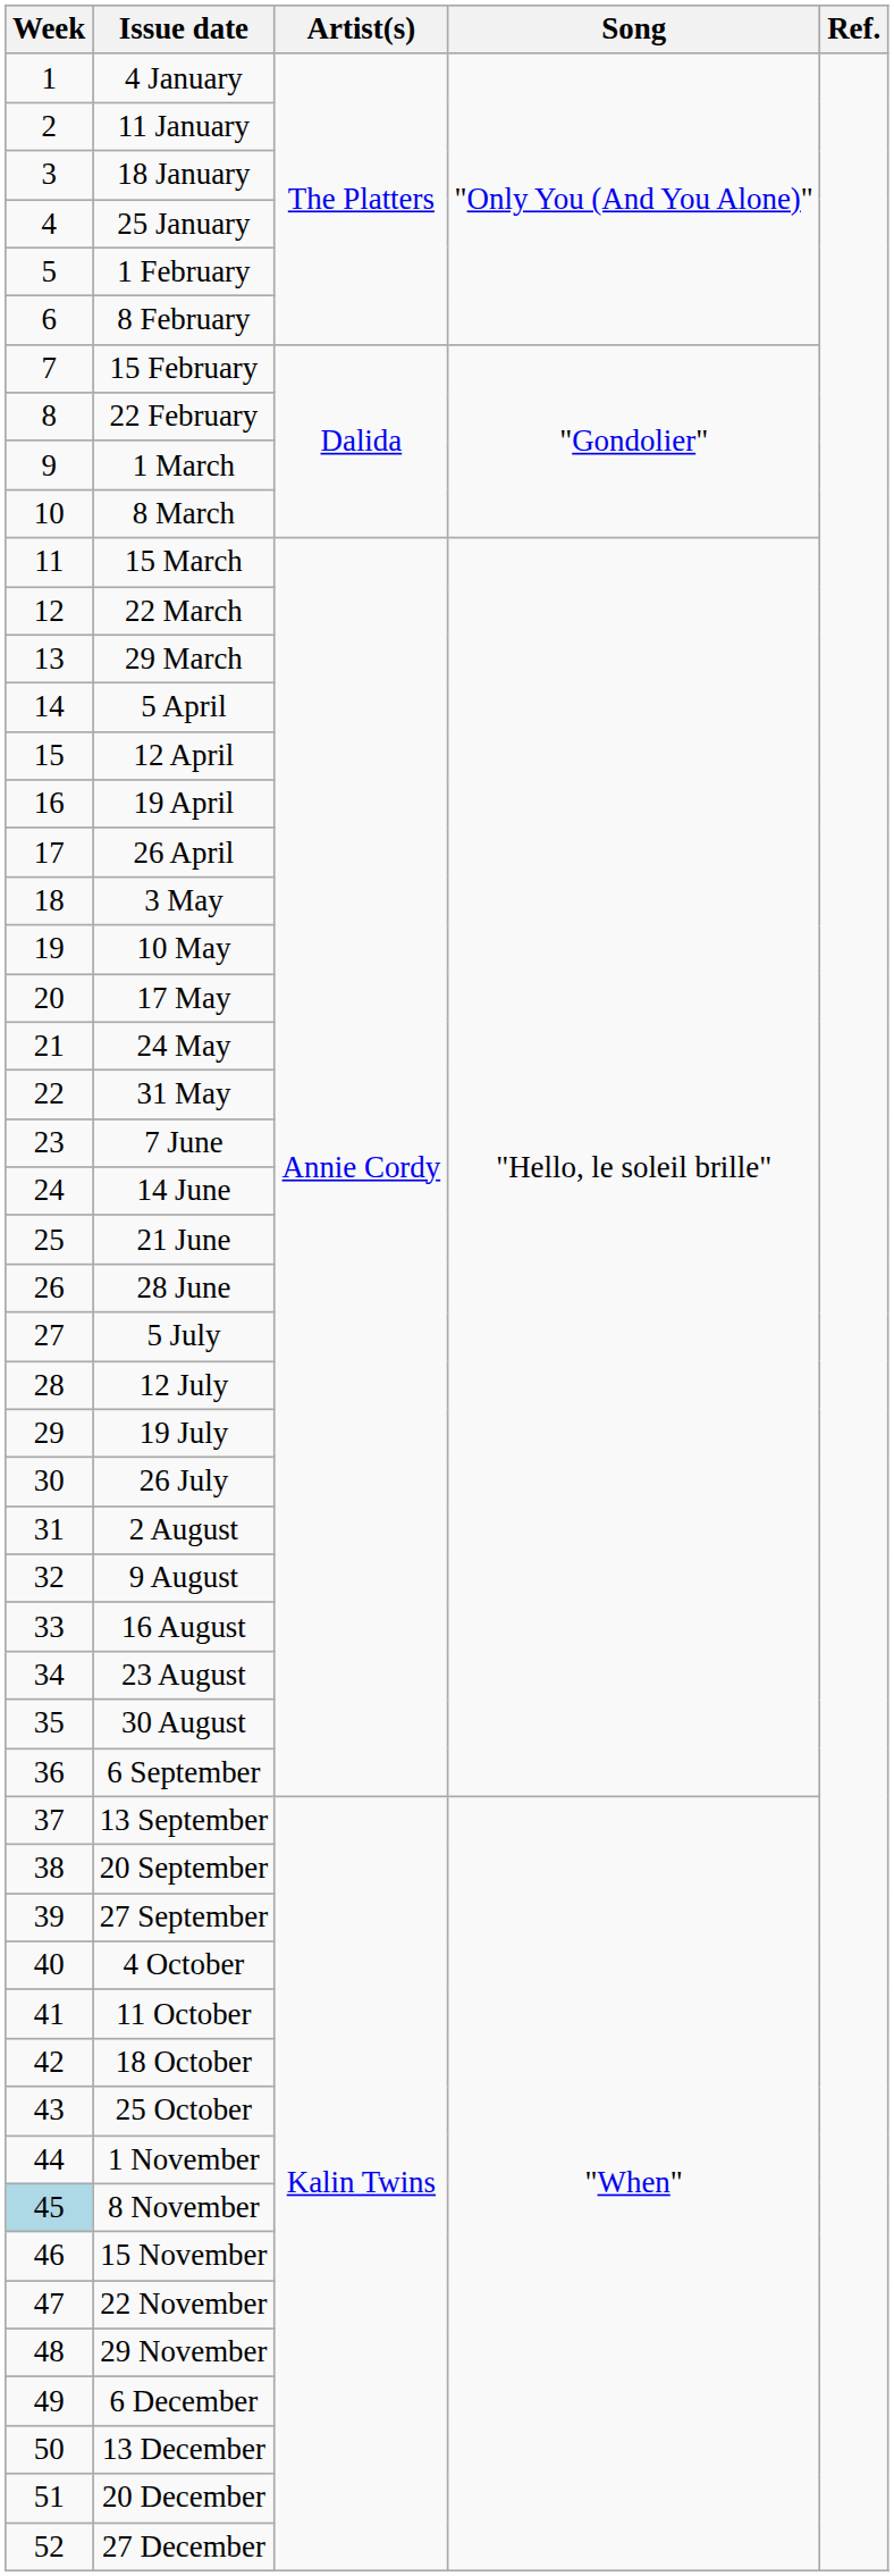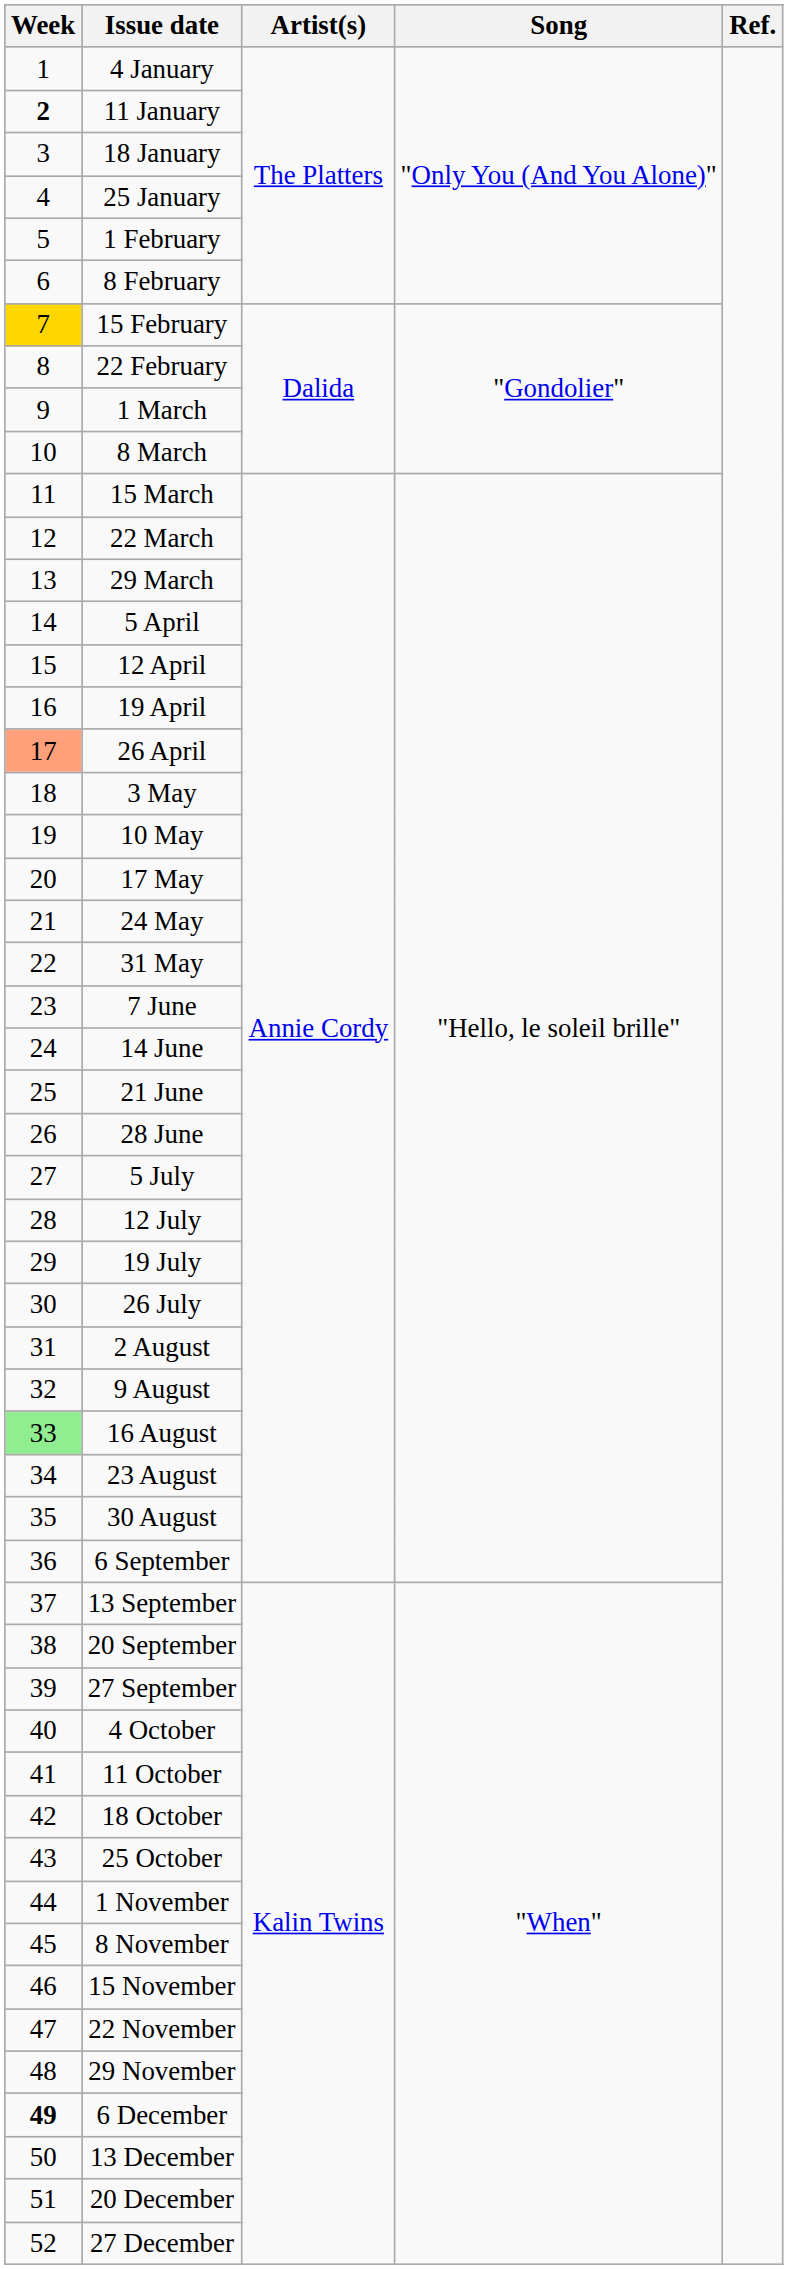 <table class="wikitable" style="text-align:center;">
 <tr>
 <th>Week</th>
 <th>Issue date</th>
 <th>Artist(s)</th>
 <th>Song</th>
 <th>Ref.</th>
 </tr>
 <tr>
 <td>1</td>
 <td>4 January</td>
 <td rowspan="6"><a href='#'>The Platters</a></td>
 <td rowspan="6">"<a href='#'>Only You (And You Alone)</a>"</td>
 <td rowspan="52"></td>
 </tr>
 <tr>
-<td>2</td>
+<td><strong>2</strong></td>
 <td>11 January</td>
 </tr>
 <tr>
 <td>3</td>
 <td>18 January</td>
 </tr>
 <tr>
 <td>4</td>
 <td>25 January</td>
 </tr>
 <tr>
 <td>5</td>
 <td>1 February</td>
 </tr>
 <tr>
 <td>6</td>
 <td>8 February</td>
 </tr>
 <tr>
-<td>7</td>
+<td style="background: gold;">7</td>
 <td>15 February</td>
 <td rowspan="4"><a href='#'>Dalida</a></td>
 <td rowspan="4">"<a href='#'>Gondolier</a>"</td>
 </tr>
 <tr>
 <td>8</td>
 <td>22 February</td>
 </tr>
 <tr>
 <td>9</td>
 <td>1 March</td>
 </tr>
 <tr>
 <td>10</td>
 <td>8 March</td>
 </tr>
 <tr>
 <td>11</td>
 <td>15 March</td>
 <td rowspan="26"><a href='#'>Annie Cordy</a></td>
 <td rowspan="26">"Hello, le soleil brille"</td>
 </tr>
 <tr>
 <td>12</td>
 <td>22 March</td>
 </tr>
 <tr>
 <td>13</td>
 <td>29 March</td>
 </tr>
 <tr>
 <td>14</td>
 <td>5 April</td>
 </tr>
 <tr>
 <td>15</td>
 <td>12 April</td>
 </tr>
 <tr>
 <td>16</td>
 <td>19 April</td>
 </tr>
 <tr>
-<td>17</td>
+<td style="background: lightsalmon;">17</td>
 <td>26 April</td>
 </tr>
 <tr>
 <td>18</td>
 <td>3 May</td>
 </tr>
 <tr>
 <td>19</td>
 <td>10 May</td>
 </tr>
 <tr>
 <td>20</td>
 <td>17 May</td>
 </tr>
 <tr>
 <td>21</td>
 <td>24 May</td>
 </tr>
 <tr>
 <td>22</td>
 <td>31 May</td>
 </tr>
 <tr>
 <td>23</td>
 <td>7 June</td>
 </tr>
 <tr>
 <td>24</td>
 <td>14 June</td>
 </tr>
 <tr>
 <td>25</td>
 <td>21 June</td>
 </tr>
 <tr>
 <td>26</td>
 <td>28 June</td>
 </tr>
 <tr>
 <td>27</td>
 <td>5 July</td>
 </tr>
 <tr>
 <td>28</td>
 <td>12 July</td>
 </tr>
 <tr>
 <td>29</td>
 <td>19 July</td>
 </tr>
 <tr>
 <td>30</td>
 <td>26 July</td>
 </tr>
 <tr>
 <td>31</td>
 <td>2 August</td>
 </tr>
 <tr>
 <td>32</td>
 <td>9 August</td>
 </tr>
 <tr>
-<td>33</td>
+<td style="background: lightgreen;">33</td>
 <td>16 August</td>
 </tr>
 <tr>
 <td>34</td>
 <td>23 August</td>
 </tr>
 <tr>
 <td>35</td>
 <td>30 August</td>
 </tr>
 <tr>
 <td>36</td>
 <td>6 September</td>
 </tr>
 <tr>
 <td>37</td>
 <td>13 September</td>
 <td rowspan="16"><a href='#'>Kalin Twins</a></td>
 <td rowspan="16">"<a href='#'>When</a>"</td>
 </tr>
 <tr>
 <td>38</td>
 <td>20 September</td>
 </tr>
 <tr>
 <td>39</td>
 <td>27 September</td>
 </tr>
 <tr>
 <td>40</td>
 <td>4 October</td>
 </tr>
 <tr>
 <td>41</td>
 <td>11 October</td>
 </tr>
 <tr>
 <td>42</td>
 <td>18 October</td>
 </tr>
 <tr>
 <td>43</td>
 <td>25 October</td>
 </tr>
 <tr>
 <td>44</td>
 <td>1 November</td>
 </tr>
 <tr>
-<td style="background: lightblue;">45</td>
+<td>45</td>
 <td>8 November</td>
 </tr>
 <tr>
 <td>46</td>
 <td>15 November</td>
 </tr>
 <tr>
 <td>47</td>
 <td>22 November</td>
 </tr>
 <tr>
 <td>48</td>
 <td>29 November</td>
 </tr>
 <tr>
-<td>49</td>
+<td><strong>49</strong></td>
 <td>6 December</td>
 </tr>
 <tr>
 <td>50</td>
 <td>13 December</td>
 </tr>
 <tr>
 <td>51</td>
 <td>20 December</td>
 </tr>
 <tr>
 <td>52</td>
 <td>27 December</td>
 </tr>
 <tr>
 </tr>
 </table>
